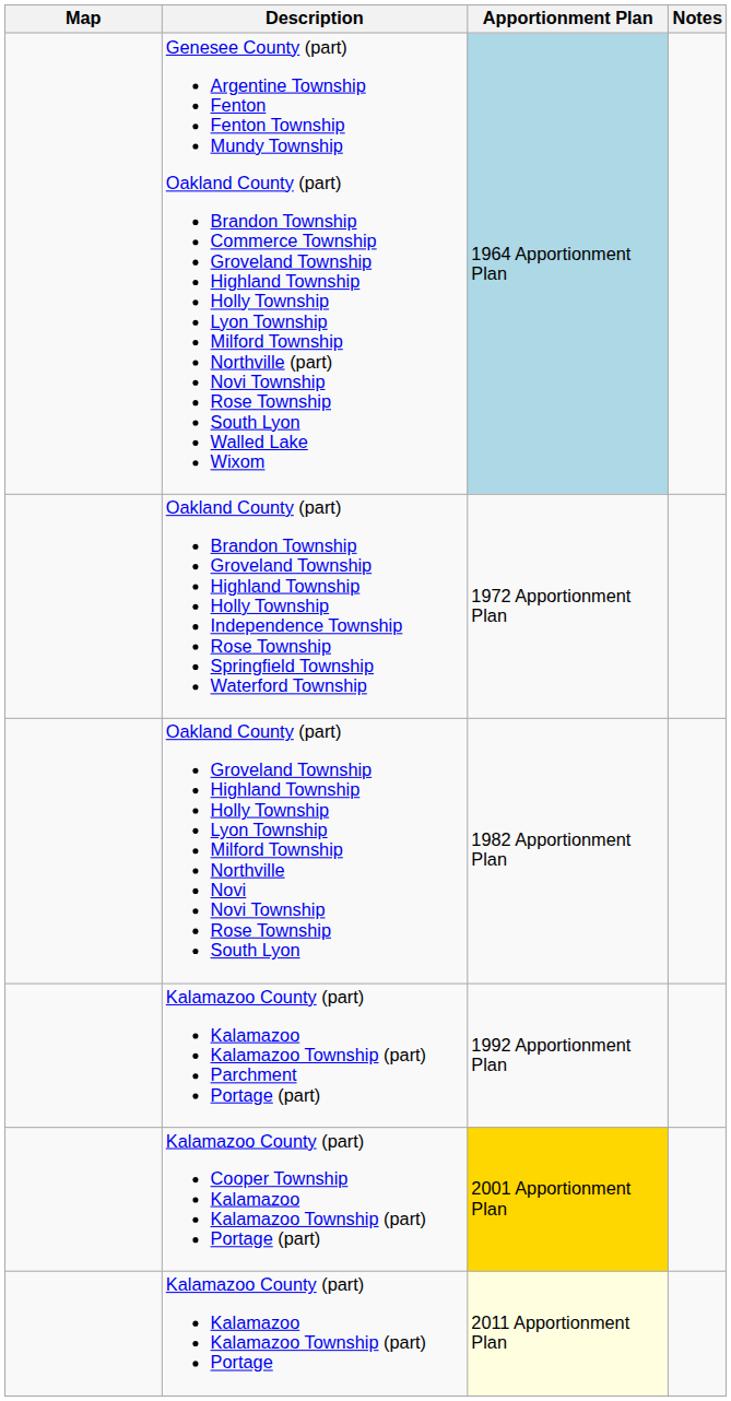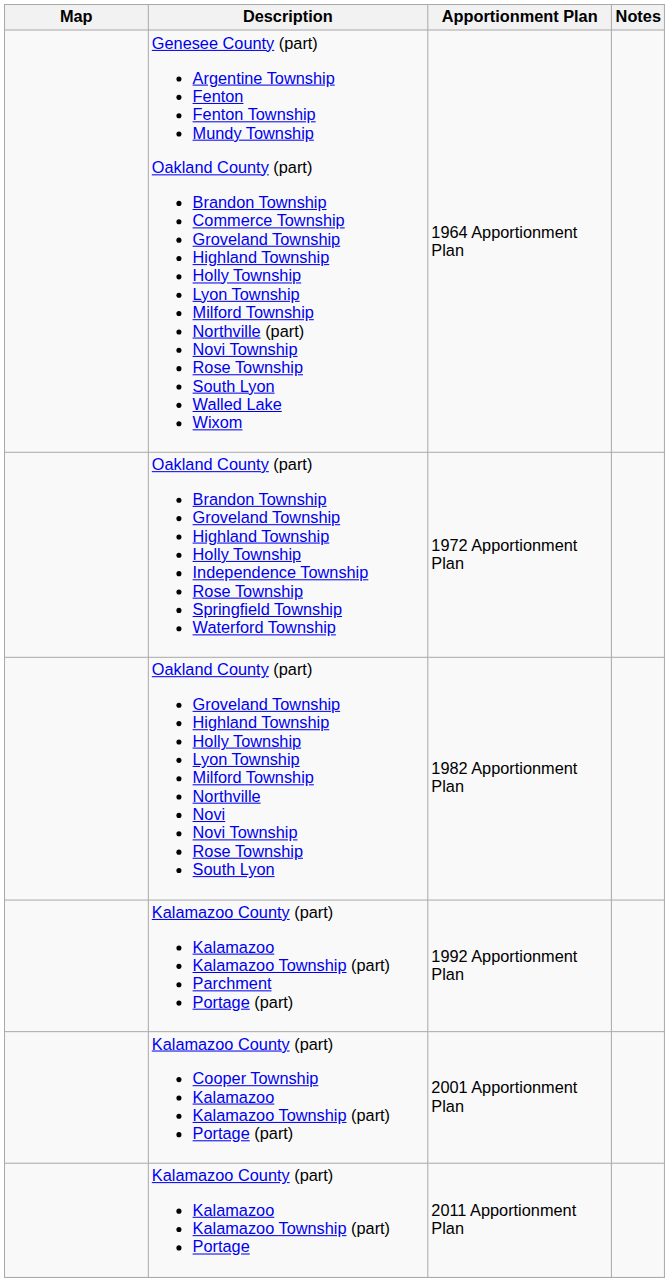 <table class="wikitable sortable">
 <tr>
 <th style="width:100pt;">Map</th>
 <th style="width:200pt;">Description</th>
 <th style="width:130pt;">Apportionment Plan</th>
 <th style="width:15pt;">Notes</th>
 </tr>
 <tr>
 <td></td>
 <td><a href='#'>Genesee County</a> (part)<br><ul><li><a href='#'>Argentine Township</a></li><li><a href='#'>Fenton</a></li><li><a href='#'>Fenton Township</a></li><li><a href='#'>Mundy Township</a></li></ul><a href='#'>Oakland County</a> (part)<ul><li><a href='#'>Brandon Township</a></li><li><a href='#'>Commerce Township</a></li><li><a href='#'>Groveland Township</a></li><li><a href='#'>Highland Township</a></li><li><a href='#'>Holly Township</a></li><li><a href='#'>Lyon Township</a></li><li><a href='#'>Milford Township</a></li><li><a href='#'>Northville</a> (part)</li><li><a href='#'>Novi Township</a></li><li><a href='#'>Rose Township</a></li><li><a href='#'>South Lyon</a></li><li><a href='#'>Walled Lake</a></li><li><a href='#'>Wixom</a></li></ul></td>
-<td style="background: lightblue;">1964 Apportionment Plan</td>
+<td>1964 Apportionment Plan</td>
 <td></td>
 </tr>
 <tr>
 <td></td>
 <td><a href='#'>Oakland County</a> (part)<br><ul><li><a href='#'>Brandon Township</a></li><li><a href='#'>Groveland Township</a></li><li><a href='#'>Highland Township</a></li><li><a href='#'>Holly Township</a></li><li><a href='#'>Independence Township</a></li><li><a href='#'>Rose Township</a></li><li><a href='#'>Springfield Township</a></li><li><a href='#'>Waterford Township</a></li></ul></td>
 <td>1972 Apportionment Plan</td>
 <td></td>
 </tr>
 <tr>
 <td></td>
 <td><a href='#'>Oakland County</a> (part)<br><ul><li><a href='#'>Groveland Township</a></li><li><a href='#'>Highland Township</a></li><li><a href='#'>Holly Township</a></li><li><a href='#'>Lyon Township</a></li><li><a href='#'>Milford Township</a></li><li><a href='#'>Northville</a></li><li><a href='#'>Novi</a></li><li><a href='#'>Novi Township</a></li><li><a href='#'>Rose Township</a></li><li><a href='#'>South Lyon</a></li></ul></td>
 <td>1982 Apportionment Plan</td>
 <td></td>
 </tr>
 <tr>
 <td></td>
 <td><a href='#'>Kalamazoo County</a> (part)<br><ul><li><a href='#'>Kalamazoo</a></li><li><a href='#'>Kalamazoo Township</a> (part)</li><li><a href='#'>Parchment</a></li><li><a href='#'>Portage</a> (part)</li></ul></td>
 <td>1992 Apportionment Plan</td>
 <td></td>
 </tr>
 <tr>
 <td></td>
 <td><a href='#'>Kalamazoo County</a> (part)<br><ul><li><a href='#'>Cooper Township</a></li><li><a href='#'>Kalamazoo</a></li><li><a href='#'>Kalamazoo Township</a> (part)</li><li><a href='#'>Portage</a> (part)</li></ul></td>
-<td style="background: gold;">2001 Apportionment Plan</td>
+<td>2001 Apportionment Plan</td>
 <td></td>
 </tr>
 <tr>
 <td></td>
 <td><a href='#'>Kalamazoo County</a> (part)<br><ul><li><a href='#'>Kalamazoo</a></li><li><a href='#'>Kalamazoo Township</a> (part)</li><li><a href='#'>Portage</a></li></ul></td>
-<td style="background: lightyellow;">2011 Apportionment Plan</td>
+<td>2011 Apportionment Plan</td>
 <td></td>
 </tr>
 <tr>
 </tr>
 </table>
